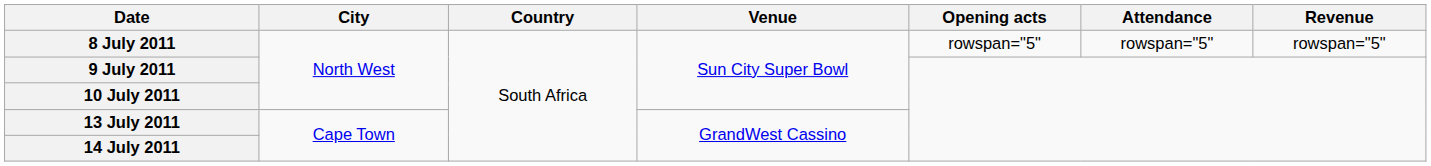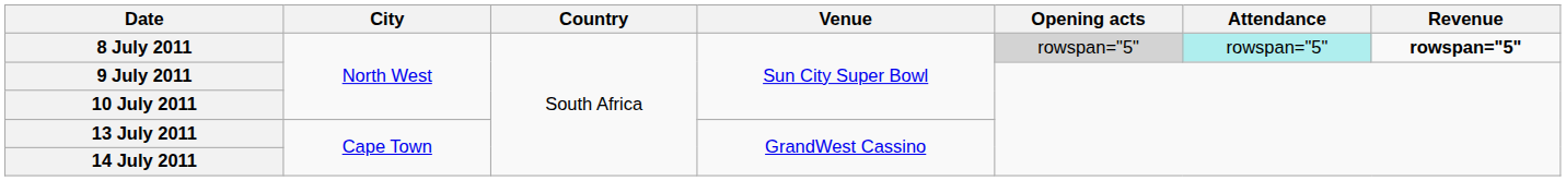 <table class="wikitable plainrowheaders" style="text-align:center;">
 <tr>
 <th scope="col" style="width:15em;">Date</th>
 <th scope="col" style="width:11em;">City</th>
 <th scope="col" style="width:11em;">Country</th>
 <th scope="col" style="width:16em;">Venue</th>
 <th scope="col" style="width:10em;">Opening acts</th>
 <th scope="col" style="width:10em;">Attendance</th>
 <th scope="col" style="width:10em;">Revenue</th>
 </tr>
 <tr>
 <th scope="row">8 July 2011</th>
 <td rowspan="3"><a href='#'>North West</a></td>
 <td rowspan="5">South Africa</td>
 <td rowspan="3"><a href='#'>Sun City Super Bowl</a></td>
-<td>rowspan="5" </td>
-<td>rowspan="5" </td>
-<td>rowspan="5" </td>
+<td style="background: lightgrey;">rowspan="5" </td>
+<td style="background: paleturquoise;">rowspan="5" </td>
+<td><strong>rowspan="5" </strong></td>
 </tr>
 <tr>
 <th scope="row">9 July 2011</th>
 </tr>
 <tr>
 <th scope="row">10 July 2011</th>
 </tr>
 <tr>
 <th scope="row">13 July 2011</th>
 <td rowspan="2"><a href='#'>Cape Town</a></td>
 <td rowspan="2"><a href='#'>GrandWest Cassino</a></td>
 </tr>
 <tr>
 <th scope="row">14 July 2011</th>
 </tr>
 </table>
